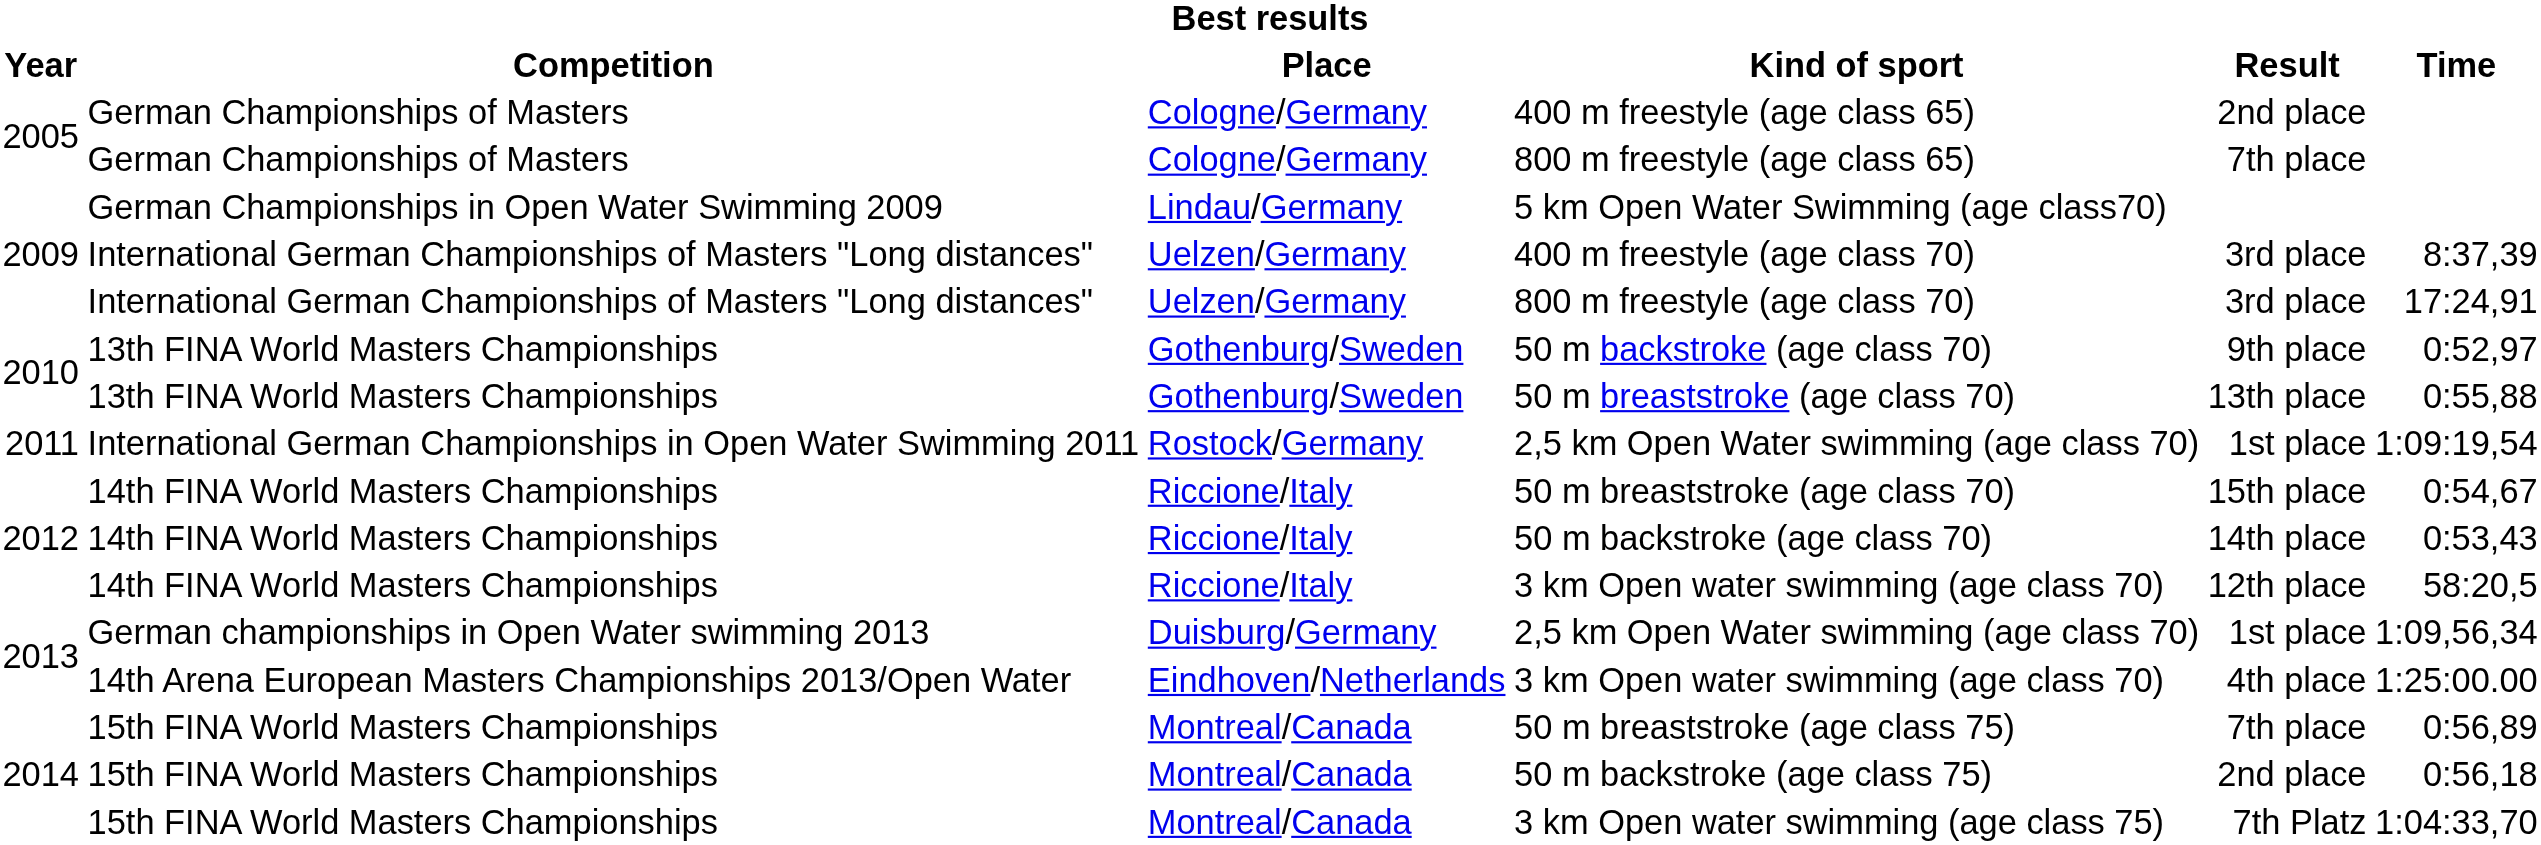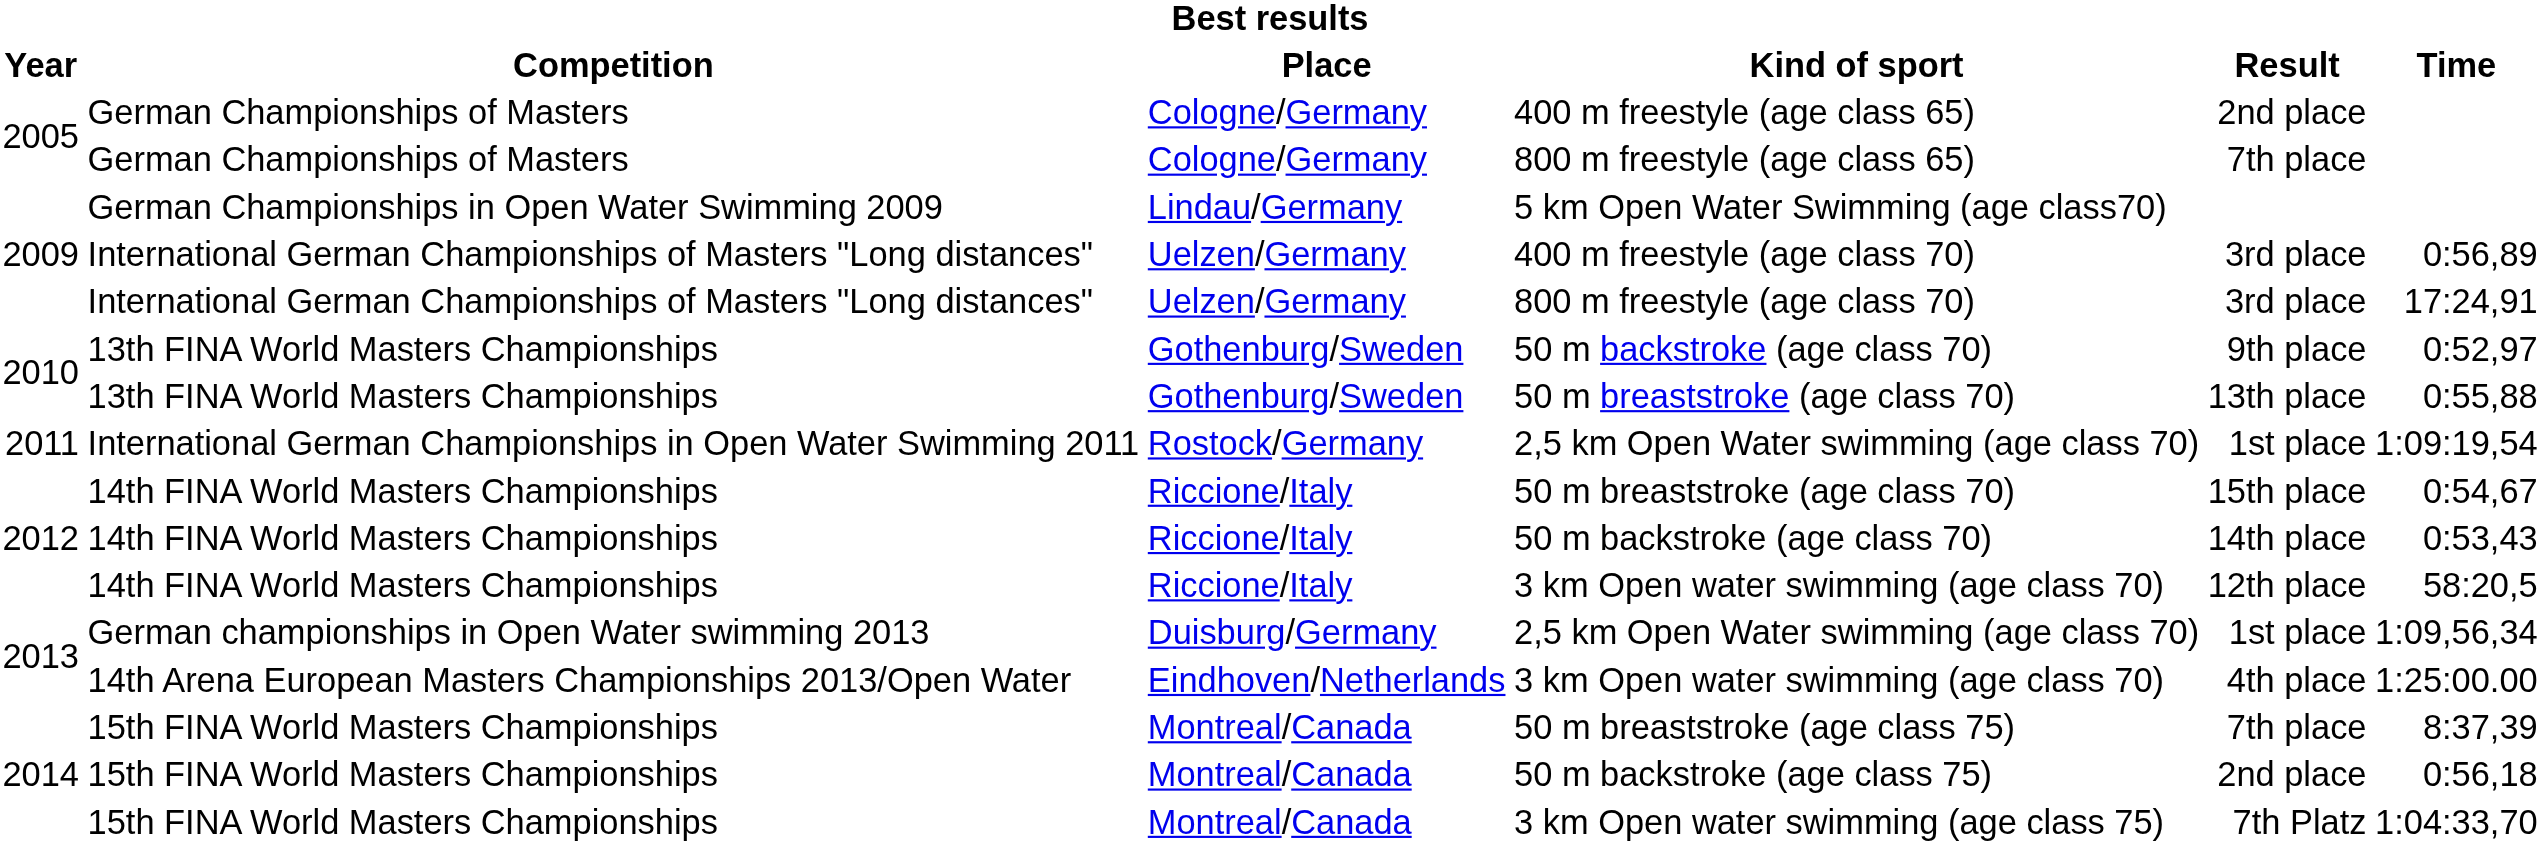 <table class="mw-datatable">
 <tr>
 <th colspan="6">Best results</th>
 </tr>
 <tr>
 <th>Year</th>
 <th>Competition</th>
 <th>Place</th>
 <th>Kind of sport</th>
 <th>Result</th>
 <th>Time</th>
 </tr>
 <tr>
 <td rowspan="2" style="text-align:right">2005</td>
 <td>German Championships of Masters</td>
 <td><a href='#'>Cologne</a>/<a href='#'>Germany</a></td>
 <td>400 m freestyle (age class 65)</td>
 <td style="text-align:right">2nd place</td>
 <td></td>
 </tr>
 <tr>
 <td>German Championships of Masters</td>
 <td><a href='#'>Cologne</a>/<a href='#'>Germany</a></td>
 <td>800 m freestyle (age class 65)</td>
 <td style="text-align:right">7th place</td>
 <td></td>
 </tr>
 <tr>
 <td rowspan="3" style="text-align:right">2009</td>
 <td>German Championships in Open Water Swimming 2009</td>
 <td><a href='#'>Lindau</a>/<a href='#'>Germany</a></td>
 <td>5 km Open Water Swimming (age class70)</td>
 <td></td>
 <td></td>
 </tr>
 <tr>
 <td>International German Championships of Masters "Long distances"</td>
 <td><a href='#'>Uelzen</a>/<a href='#'>Germany</a></td>
 <td>400 m freestyle (age class 70)</td>
 <td style="text-align:right">3rd place</td>
-<td style="text-align:right">8:37,39</td>
+<td style="text-align:right">0:56,89</td>
 </tr>
 <tr>
 <td>International German Championships of Masters "Long distances"</td>
 <td><a href='#'>Uelzen</a>/<a href='#'>Germany</a></td>
 <td>800 m freestyle (age class 70)</td>
 <td style="text-align:right">3rd place</td>
 <td style="text-align:right">17:24,91</td>
 </tr>
 <tr>
 <td rowspan="2" style="text-align:right">2010</td>
 <td>13th FINA World Masters Championships</td>
 <td><a href='#'>Gothenburg</a>/<a href='#'>Sweden</a></td>
 <td>50 m <a href='#'>backstroke</a> (age class 70)</td>
 <td style="text-align:right">9th place</td>
 <td style="text-align:right">0:52,97</td>
 </tr>
 <tr>
 <td>13th FINA World Masters Championships</td>
 <td><a href='#'>Gothenburg</a>/<a href='#'>Sweden</a></td>
 <td>50 m <a href='#'>breaststroke</a> (age class 70)</td>
 <td style="text-align:right">13th place</td>
 <td style="text-align:right">0:55,88</td>
 </tr>
 <tr>
 <td style="text-align:right">2011</td>
 <td>International German Championships in Open Water Swimming 2011</td>
 <td><a href='#'>Rostock</a>/<a href='#'>Germany</a></td>
 <td>2,5 km Open Water swimming (age class 70)</td>
 <td style="text-align:right">1st place</td>
 <td style="text-align:right">1:09:19,54</td>
 </tr>
 <tr>
 <td rowspan="3" style="text-align:right">2012</td>
 <td>14th FINA World Masters Championships</td>
 <td><a href='#'>Riccione</a>/<a href='#'>Italy</a></td>
 <td>50 m breaststroke (age class 70)</td>
 <td style="text-align:right">15th place</td>
 <td style="text-align:right">0:54,67</td>
 </tr>
 <tr>
 <td>14th FINA World Masters Championships</td>
 <td><a href='#'>Riccione</a>/<a href='#'>Italy</a></td>
 <td>50 m backstroke (age class 70)</td>
 <td style="text-align:right">14th place</td>
 <td style="text-align:right">0:53,43</td>
 </tr>
 <tr>
 <td>14th FINA World Masters Championships</td>
 <td><a href='#'>Riccione</a>/<a href='#'>Italy</a></td>
 <td>3 km Open water swimming (age class 70)</td>
 <td style="text-align:right">12th place</td>
 <td style="text-align:right">58:20,5</td>
 </tr>
 <tr>
 <td rowspan="2" style="text-align:right">2013</td>
 <td>German championships in Open Water swimming 2013</td>
 <td><a href='#'>Duisburg</a>/<a href='#'>Germany</a></td>
 <td>2,5 km Open Water swimming (age class 70)</td>
 <td style="text-align:right">1st place</td>
 <td style="text-align:right">1:09,56,34</td>
 </tr>
 <tr>
 <td>14th Arena European Masters Championships 2013/Open Water</td>
 <td><a href='#'>Eindhoven</a>/<a href='#'>Netherlands</a></td>
 <td>3 km Open water swimming (age class 70)</td>
 <td style="text-align:right">4th place</td>
 <td style="text-align:right">1:25:00.00</td>
 </tr>
 <tr>
 <td rowspan="3" style="text-align:right">2014</td>
 <td>15th FINA World Masters Championships</td>
 <td><a href='#'>Montreal</a>/<a href='#'>Canada</a></td>
 <td>50 m breaststroke (age class 75)</td>
 <td style="text-align:right">7th place</td>
-<td style="text-align:right">0:56,89</td>
+<td style="text-align:right">8:37,39</td>
 </tr>
 <tr>
 <td>15th FINA World Masters Championships</td>
 <td><a href='#'>Montreal</a>/<a href='#'>Canada</a></td>
 <td>50 m backstroke (age class 75)</td>
 <td style="text-align:right">2nd place</td>
 <td style="text-align:right">0:56,18</td>
 </tr>
 <tr>
 <td>15th FINA World Masters Championships</td>
 <td><a href='#'>Montreal</a>/<a href='#'>Canada</a></td>
 <td>3 km Open water swimming (age class 75)</td>
 <td style="text-align:right">7th Platz</td>
 <td style="text-align:right">1:04:33,70</td>
 </tr>
 </table>
